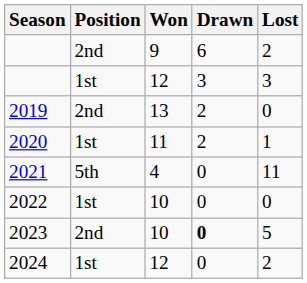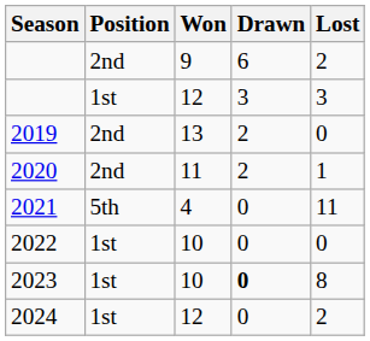 <table class="wikitable collapsible">
 <tr>
 <th>Season</th>
 <th>Position</th>
 <th>Won</th>
 <th>Drawn</th>
 <th>Lost</th>
 </tr>
 <tr style="background-color:#">
 <td></td>
 <td>2nd</td>
 <td>9</td>
 <td>6</td>
 <td>2</td>
 </tr>
 <tr style="background-color:#">
 <td></td>
 <td>1st</td>
 <td>12</td>
 <td>3</td>
 <td>3</td>
 </tr>
 <tr style="background-color:#">
 <td><a href='#'>2019</a></td>
 <td>2nd</td>
 <td>13</td>
 <td>2</td>
 <td>0</td>
 </tr>
 <tr style="background-color:#">
 <td><a href='#'>2020</a></td>
-<td>1st</td>
+<td>2nd</td>
 <td>11</td>
 <td>2</td>
 <td>1</td>
 </tr>
 <tr>
 <td><a href='#'>2021</a></td>
 <td>5th</td>
 <td>4</td>
 <td>0</td>
 <td>11</td>
 </tr>
 <tr>
 <td>2022</td>
 <td>1st</td>
 <td>10</td>
 <td>0</td>
 <td>0</td>
 </tr>
 <tr>
 <td>2023</td>
-<td>2nd</td>
+<td>1st</td>
 <td>10</td>
 <td><strong>0</strong></td>
-<td>5</td>
+<td>8</td>
 </tr>
 <tr>
 <td>2024</td>
 <td>1st</td>
 <td>12</td>
 <td>0</td>
 <td>2</td>
 </tr>
 </table>
